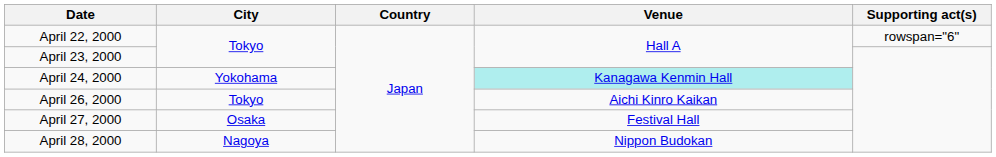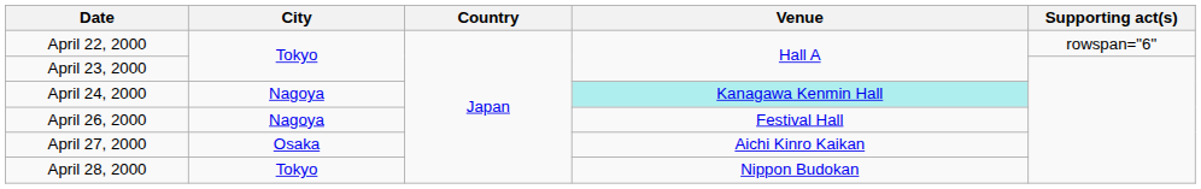 <table class="wikitable sortable plainrowheaders" style="text-align:center;">
 <tr>
 <th scope="col" style="width:11em;">Date</th>
 <th scope="col" style="width:13em;">City</th>
 <th scope="col" style="width:10em;">Country</th>
 <th scope="col" style="width:28em;">Venue</th>
 <th scope="col" style="width:10em;">Supporting act(s)</th>
 </tr>
 <tr>
 <td>April 22, 2000</td>
 <td rowspan="2"><a href='#'>Tokyo</a></td>
 <td rowspan="6"><a href='#'>Japan</a></td>
 <td rowspan="2"><a href='#'>Hall A</a></td>
 <td>rowspan="6" </td>
 </tr>
 <tr>
 <td>April 23, 2000</td>
 </tr>
 <tr>
 <td>April 24, 2000</td>
-<td><a href='#'>Yokohama</a></td>
+<td><a href='#'>Nagoya</a></td>
 <td style="background: paleturquoise;"><a href='#'>Kanagawa Kenmin Hall</a></td>
 </tr>
 <tr>
 <td>April 26, 2000</td>
-<td><a href='#'>Tokyo</a></td>
-<td><a href='#'>Aichi Kinro Kaikan</a></td>
+<td><a href='#'>Nagoya</a></td>
+<td><a href='#'>Festival Hall</a></td>
 </tr>
 <tr>
 <td>April 27, 2000</td>
 <td><a href='#'>Osaka</a></td>
-<td><a href='#'>Festival Hall</a></td>
+<td><a href='#'>Aichi Kinro Kaikan</a></td>
 </tr>
 <tr>
 <td>April 28, 2000</td>
-<td><a href='#'>Nagoya</a></td>
+<td><a href='#'>Tokyo</a></td>
 <td><a href='#'>Nippon Budokan</a></td>
 </tr>
 </table>
